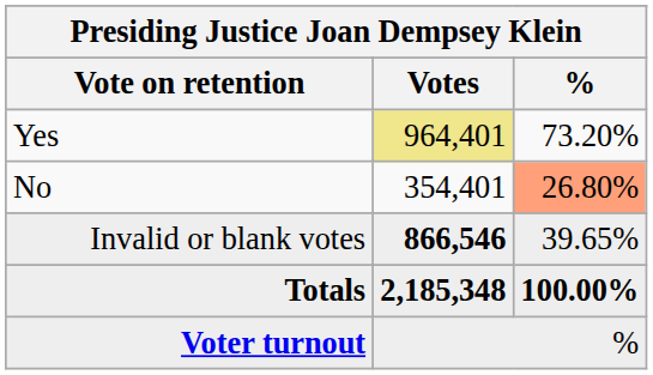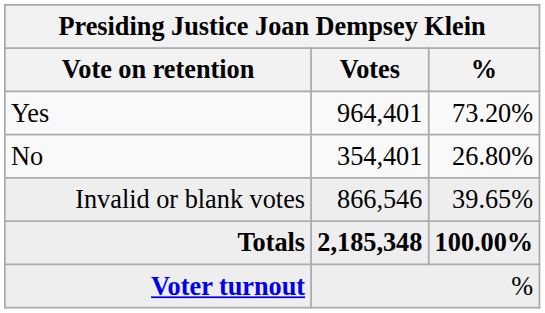 <table class="wikitable" style="font-size: 95%;">
 <tr style="background-color:#E9E9E9">
 <th colspan=7>Presiding Justice Joan Dempsey Klein</th>
 </tr>
 <tr style="background-color:#E9E9E9">
 <th style="width: 170px">Vote on retention</th>
 <th style="width: 50px">Votes</th>
 <th style="width: 40px">%</th>
 </tr>
 <tr>
 <td>Yes</td>
-<td align="right" style="background: khaki;">964,401</td>
+<td align="right">964,401</td>
 <td align="right">73.20%</td>
 </tr>
 <tr>
 <td>No</td>
 <td align="right">354,401</td>
-<td align="right" style="background: lightsalmon;">26.80%</td>
+<td align="right">26.80%</td>
 </tr>
 <tr bgcolor="#EEEEEE">
 <td align="right">Invalid or blank votes</td>
-<td align="right"><strong>866,546</strong></td>
+<td align="right">866,546</td>
 <td align="right">39.65%</td>
 </tr>
 <tr bgcolor="#EEEEEE">
 <td align="right"><strong>Totals</strong></td>
 <td align="right"><strong>2,185,348</strong></td>
 <td align="right"><strong>100.00%</strong></td>
 </tr>
 <tr bgcolor="#EEEEEE">
 <td align="right"><strong><a href='#'>Voter turnout</a></strong></td>
 <td colspan="2" align="right">%</td>
 </tr>
 </table>
